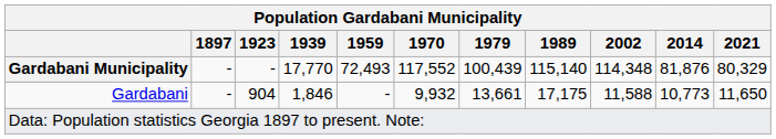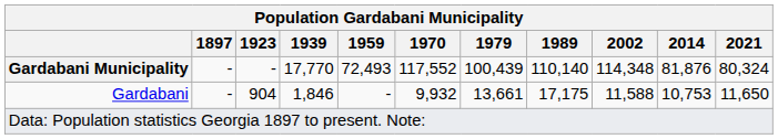 <table class="wikitable" style="text-align:right">
 <tr>
 <th colspan=19>Population Gardabani Municipality</th>
 </tr>
 <tr>
 <th></th>
 <th>1897</th>
 <th>1923</th>
 <th>1939</th>
 <th>1959</th>
 <th>1970</th>
 <th>1979</th>
 <th>1989</th>
 <th>2002</th>
 <th>2014</th>
 <th>2021</th>
 </tr>
 <tr>
 <th>Gardabani Municipality</th>
 <td>-</td>
 <td>-</td>
 <td>17,770</td>
 <td> 72,493</td>
 <td> 117,552</td>
 <td> 100,439</td>
-<td> 115,140</td>
+<td> 110,140</td>
 <td> 114,348</td>
 <td> 81,876</td>
-<td> 80,329</td>
+<td> 80,324</td>
 </tr>
 <tr>
 <td><a href='#'>Gardabani</a> </td>
 <td>-</td>
 <td>904</td>
 <td> 1,846</td>
 <td>-</td>
 <td> 9,932</td>
 <td> 13,661</td>
 <td> 17,175</td>
 <td> 11,588</td>
-<td> 10,773</td>
+<td> 10,753</td>
 <td> 11,650</td>
 </tr>
 <tr>
 <td colspan=15 class="wikitable" style="align:left;text-align:left;background-color:#eaecf0">Data: Population statistics Georgia 1897 to present. Note:</td>
 </tr>
 </table>
